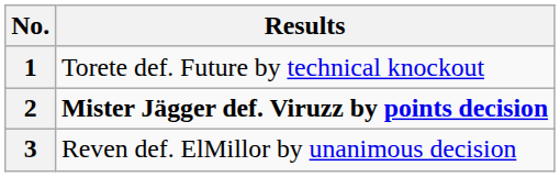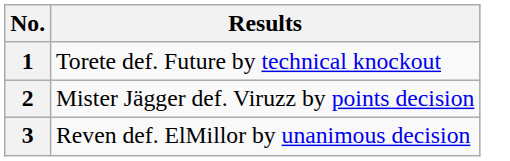 <table class="wikitable">
 <tr>
 <th>No.</th>
 <th>Results</th>
 </tr>
 <tr>
 <th>1</th>
 <td>Torete def. Future by <a href='#'>technical knockout</a></td>
 </tr>
 <tr>
 <th>2</th>
-<td><strong>Mister Jägger def. Viruzz by <a href='#'>points decision</a></strong></td>
+<td>Mister Jägger def. Viruzz by <a href='#'>points decision</a></td>
 </tr>
 <tr>
 <th>3</th>
 <td>Reven def. ElMillor by <a href='#'>unanimous decision</a></td>
 </tr>
 </table>
